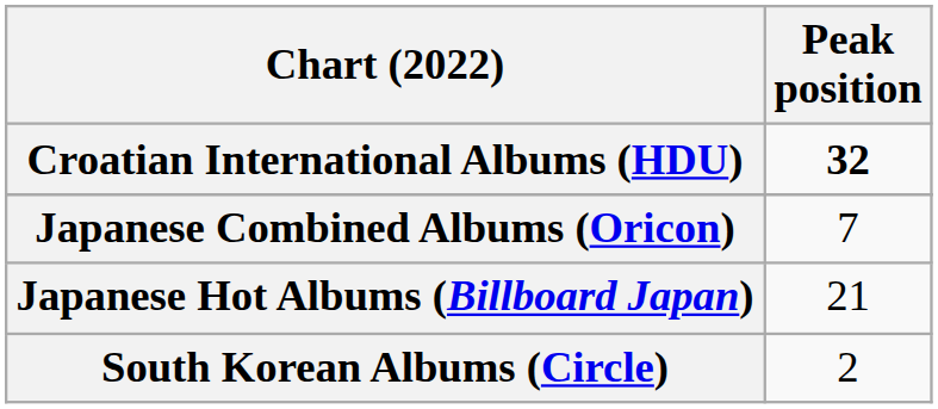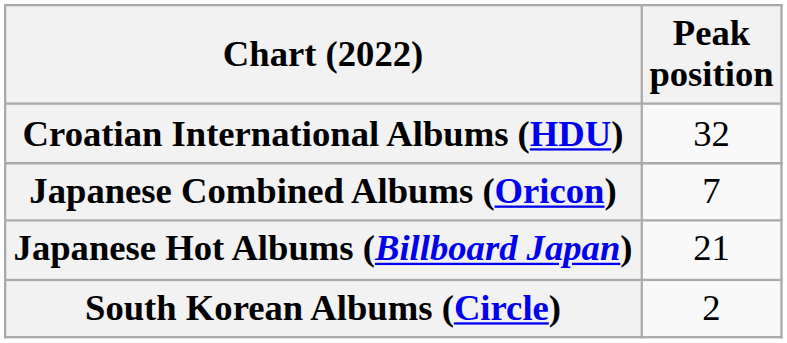 <table class="wikitable sortable plainrowheaders" style="text-align:center">
 <tr>
 <th scope="col">Chart (2022)</th>
 <th scope="col">Peak<br>position</th>
 </tr>
 <tr>
 <th scope="row">Croatian International Albums (<a href='#'>HDU</a>)</th>
-<td><strong>32</strong></td>
+<td>32</td>
 </tr>
 <tr>
 </tr>
 <tr>
 <th scope="row">Japanese Combined Albums (<a href='#'>Oricon</a>)</th>
 <td>7</td>
 </tr>
 <tr>
 <th scope="row">Japanese Hot Albums (<em><a href='#'>Billboard Japan</a></em>)</th>
 <td>21</td>
 </tr>
 <tr>
 <th scope="row">South Korean Albums (<a href='#'>Circle</a>)</th>
 <td>2</td>
 </tr>
 </table>
